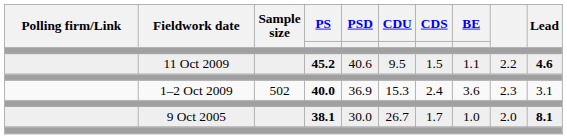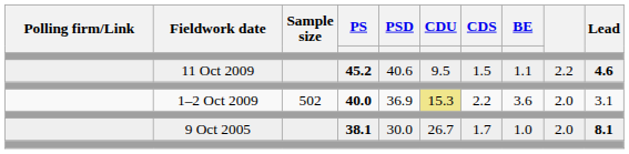 <table class="wikitable collapsible sortable" style="text-align:center; font-size:95%; line-height:16px;">
 <tr style="height:42px;">
 <th style="width:145px;" rowspan="2">Polling firm/Link</th>
 <th style="width:125px;" rowspan="2">Fieldwork date</th>
 <th class="unsortable" style="width:50px;" rowspan="2">Sample size</th>
 <th class="unsortable" style="width:35px;"><a href='#'>PS</a></th>
 <th class="unsortable" style="width:35px;"><a href='#'>PSD</a></th>
 <th class="unsortable" style="width:35px;"><a href='#'>CDU</a></th>
 <th class="unsortable" style="width:35px;"><a href='#'>CDS</a></th>
 <th class="unsortable" style="width:35px;"><a href='#'>BE</a></th>
 <th class="unsortable" style="width:35px;" rowspan="2"></th>
 <th class="unsortable" style="width:30px;" rowspan="2">Lead</th>
 </tr>
 <tr>
 <th class="unsortable" style="color:inherit;background:"></th>
 <th class="unsortable" style="color:inherit;background:"></th>
 <th class="unsortable" style="color:inherit;background:"></th>
 <th class="unsortable" style="color:inherit;background:"></th>
 <th class="unsortable" style="color:inherit;background:"></th>
 </tr>
 <tr>
 <td colspan="10" style="background:#A0A0A0"></td>
 </tr>
 <tr style="background:#EFEFEF;">
 <td><strong></strong></td>
 <td data-sort-value="2019-10-06">11 Oct 2009</td>
 <td></td>
 <td><strong>45.2</strong><br></td>
 <td>40.6<br></td>
 <td>9.5<br></td>
 <td>1.5<br></td>
 <td>1.1<br></td>
 <td>2.2</td>
 <td style="background:"><strong>4.6</strong></td>
 </tr>
 <tr>
 <td colspan="10" style="background:#A0A0A0"></td>
 </tr>
 <tr>
 <td align="center"></td>
 <td align="center">1–2 Oct 2009</td>
 <td>502</td>
 <td align="center" ><strong>40.0</strong><br></td>
 <td align="center">36.9<br></td>
-<td align="center">15.3<br></td>
-<td align="center">2.4<br></td>
+<td align="center" style="background: khaki;">15.3<br></td>
+<td align="center">2.2<br></td>
 <td align="center">3.6<br></td>
-<td align="center">2.3</td>
+<td align="center">2.0</td>
 <td style="background:">3.1</td>
 </tr>
 <tr>
 <td colspan="10" style="background:#A0A0A0"></td>
 </tr>
 <tr style="background:#EFEFEF;">
 <td><strong></strong></td>
 <td data-sort-value="2019-10-06">9 Oct 2005</td>
 <td></td>
 <td><strong>38.1</strong><br></td>
 <td>30.0<br></td>
 <td>26.7<br></td>
 <td>1.7<br></td>
 <td>1.0<br></td>
 <td>2.0<br></td>
 <td style="background:"><strong>8.1</strong></td>
 </tr>
 <tr>
 <td colspan="10" style="background:#A0A0A0"></td>
 </tr>
 <tr>
 </tr>
 </table>
